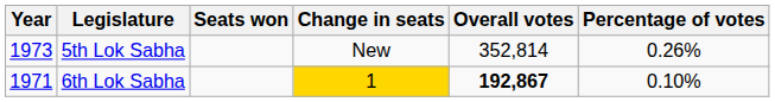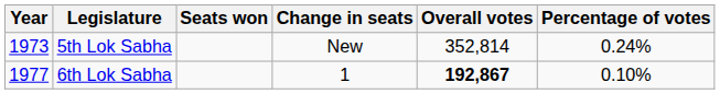 <table class="wikitable" style="text-align:center">
 <tr>
 <th Style="background-color:">Year</th>
 <th Style="background-color:">Legislature</th>
 <th Style="background-color:">Seats won</th>
 <th Style="background-color:">Change in seats</th>
 <th Style="background-color:">Overall votes</th>
 <th Style="background-color:">Percentage of votes</th>
 </tr>
 <tr>
 <td><a href='#'>1973</a></td>
 <td><a href='#'>5th Lok Sabha</a></td>
 <td></td>
 <td>New</td>
 <td>352,814</td>
-<td>0.26%</td>
+<td>0.24%</td>
 </tr>
 <tr>
-<td><a href='#'>1971</a></td>
+<td><a href='#'>1977</a></td>
 <td><a href='#'>6th Lok Sabha</a></td>
 <td></td>
-<td style="background: gold;"> 1</td>
+<td> 1</td>
 <td><strong>192,867</strong></td>
 <td>0.10%</td>
 </tr>
 </table>
